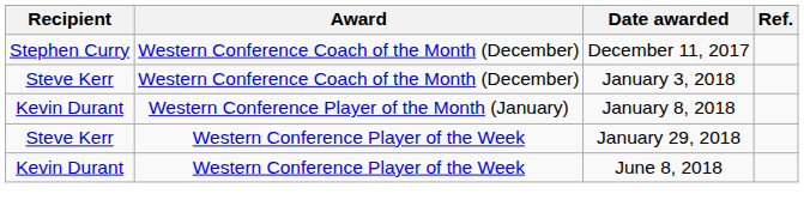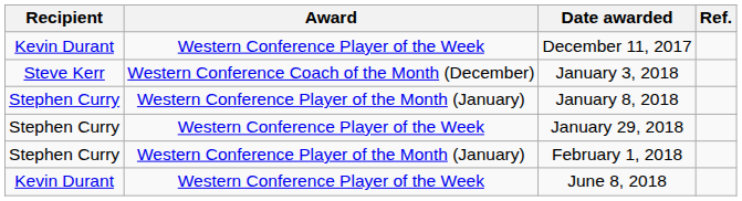 <table class="wikitable sortable mw-collapsible" style="text-align: center">
 <tr>
 <th>Recipient</th>
 <th>Award</th>
 <th>Date awarded</th>
 <th>Ref.</th>
 </tr>
 <tr>
-<td><a href='#'>Stephen Curry</a></td>
-<td><a href='#'>Western Conference Coach of the Month</a> (December)</td>
+<td><a href='#'>Kevin Durant</a></td>
+<td><a href='#'>Western Conference Player of the Week</a></td>
 <td>December 11, 2017</td>
 <td></td>
 </tr>
 <tr>
 <td><a href='#'>Steve Kerr</a></td>
 <td><a href='#'>Western Conference Coach of the Month</a> (December)</td>
 <td>January 3, 2018</td>
 <td></td>
 </tr>
 <tr>
-<td><a href='#'>Kevin Durant</a></td>
+<td><a href='#'>Stephen Curry</a></td>
 <td><a href='#'>Western Conference Player of the Month</a> (January)</td>
 <td>January 8, 2018</td>
 <td></td>
 </tr>
 <tr>
-<td><a href='#'>Steve Kerr</a></td>
+<td>Stephen Curry</td>
 <td><a href='#'>Western Conference Player of the Week</a></td>
 <td>January 29, 2018</td>
+<td></td>
+</tr>
+<tr>
+<td>Stephen Curry</td>
+<td><a href='#'>Western Conference Player of the Month</a> (January)</td>
+<td>February 1, 2018</td>
 <td></td>
 </tr>
 <tr>
 <td><a href='#'>Kevin Durant</a></td>
 <td><a href='#'>Western Conference Player of the Week</a></td>
 <td>June 8, 2018</td>
 <td></td>
 </tr>
 </table>
